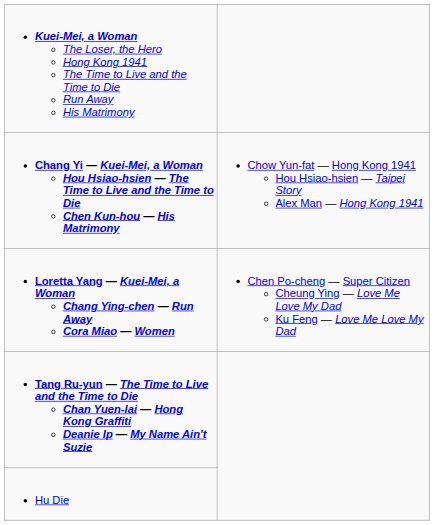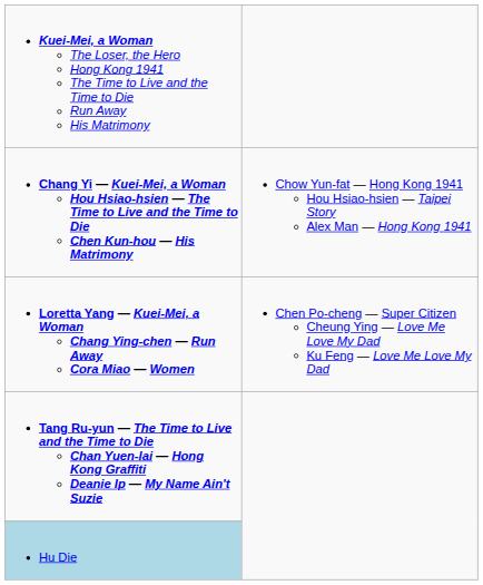 <table class=wikitable>
 <tr>
 <td valign="top" width="50%"><br><ul><li><strong><em><a href='#'>Kuei-Mei, a Woman</a></em></strong><ul><li><em><a href='#'>The Loser, the Hero</a></em></li><li><em><a href='#'>Hong Kong 1941</a></em></li><li><em><a href='#'>The Time to Live and the Time to Die</a></em></li><li><em><a href='#'>Run Away</a></em></li><li><em><a href='#'>His Matrimony</a></em></li></ul></li></ul></td>
 <td valign="top" width="50%"><br> </td>
 </tr>
 <tr>
 <td valign="top" width="50%"><br><ul><li><strong><a href='#'>Chang Yi</a> — <em><a href='#'>Kuei-Mei, a Woman</a><strong><em><ul><li><a href='#'>Hou Hsiao-hsien</a>  — </em><a href='#'>The Time to Live and the Time to Die</a><em></li><li><a href='#'>Chen Kun-hou</a> — </em><a href='#'>His Matrimony</a><em></li></ul></li></ul></td>
 <td valign="top" width="50%"><br><ul><li></strong><a href='#'>Chow Yun-fat</a> — </em><a href='#'>Hong Kong 1941</a></em></strong><ul><li><a href='#'>Hou Hsiao-hsien</a> — <em><a href='#'>Taipei Story</a></em></li><li><a href='#'>Alex Man</a> — <em><a href='#'>Hong Kong 1941</a></em></li></ul></li></ul></td>
 </tr>
 <tr>
 <td valign="top" width="50%"><br><ul><li><strong><a href='#'>Loretta Yang</a> — <em><a href='#'>Kuei-Mei, a Woman</a><strong><em><ul><li><a href='#'>Chang Ying-chen</a> — </em><a href='#'>Run Away</a><em></li><li><a href='#'>Cora Miao</a> — </em><a href='#'>Women</a><em></li></ul></li></ul></td>
 <td valign="top" width="50%"><br><ul><li></strong><a href='#'>Chen Po-cheng</a> — </em><a href='#'>Super Citizen</a></em></strong><ul><li><a href='#'>Cheung Ying</a> — <em><a href='#'>Love Me Love My Dad</a></em></li><li><a href='#'>Ku Feng</a> — <em><a href='#'>Love Me Love My Dad</a></em></li></ul></li></ul></td>
 </tr>
 <tr>
 <td valign="top" width="50%"><br><ul><li><strong><a href='#'>Tang Ru-yun</a> — <em><a href='#'>The Time to Live and the Time to Die</a><strong><em><ul><li><a href='#'>Chan Yuen-lai</a> — </em><a href='#'>Hong Kong Graffiti</a><em></li><li><a href='#'>Deanie Ip</a> — </em><a href='#'>My Name Ain't Suzie</a><em></li></ul></li></ul></td>
 </tr>
 <tr>
-<td valign="top" width="50%"><br><ul><li></strong><a href='#'>Hu Die</a><strong></li></ul></td>
+<td valign="top" width="50%" style="background: lightblue;"><br><ul><li></strong><a href='#'>Hu Die</a><strong></li></ul></td>
 </tr>
 </table>
